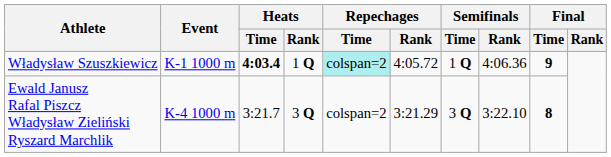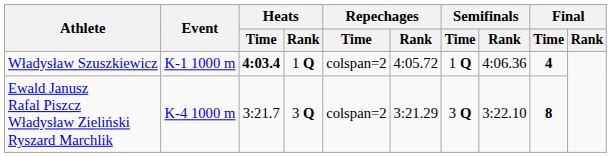 <table class="wikitable" style="font-size:90%">
 <tr>
 <th rowspan=2>Athlete</th>
 <th rowspan=2>Event</th>
 <th colspan=2>Heats</th>
 <th colspan=2>Repechages</th>
 <th colspan=2>Semifinals</th>
 <th colspan=2>Final</th>
 </tr>
 <tr style="font-size:95%">
 <th>Time</th>
 <th>Rank</th>
 <th>Time</th>
 <th>Rank</th>
 <th>Time</th>
 <th>Rank</th>
 <th>Time</th>
 <th>Rank</th>
 </tr>
 <tr align=center>
 <td align=left><a href='#'>Władysław Szuszkiewicz</a></td>
 <td align=left><a href='#'>K-1 1000 m</a></td>
 <td><strong>4:03.4</strong></td>
 <td>1 <strong>Q</strong></td>
-<td style="background: paleturquoise;">colspan=2 </td>
+<td>colspan=2 </td>
 <td>4:05.72</td>
 <td>1 <strong>Q</strong></td>
 <td>4:06.36</td>
-<td><strong>9</strong></td>
+<td><strong>4</strong></td>
 </tr>
 <tr align=center>
 <td align=left><a href='#'>Ewald Janusz</a><br><a href='#'>Rafal Piszcz</a><br><a href='#'>Władysław Zieliński</a><br><a href='#'>Ryszard Marchlik</a></td>
 <td align=left><a href='#'>K-4 1000 m</a></td>
 <td>3:21.7</td>
 <td>3 <strong>Q</strong></td>
 <td>colspan=2 </td>
 <td>3:21.29</td>
 <td>3 <strong>Q</strong></td>
 <td>3:22.10</td>
 <td><strong>8</strong></td>
 </tr>
 </table>
